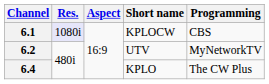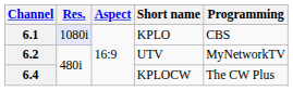 <table class="wikitable">
 <tr>
 <th scope = "col"><a href='#'>Channel</a></th>
 <th scope = "col"><a href='#'>Res.</a></th>
 <th scope = "col"><a href='#'>Aspect</a></th>
 <th scope = "col">Short name</th>
 <th scope = "col">Programming</th>
 </tr>
 <tr>
 <th scope = "row">6.1</th>
 <td style="background: lavender;">1080i</td>
 <td rowspan=3>16:9</td>
-<td>KPLOCW</td>
+<td>KPLO</td>
 <td>CBS</td>
 </tr>
 <tr>
 <th scope = "row">6.2</th>
 <td rowspan=2>480i</td>
 <td>UTV</td>
 <td>MyNetworkTV</td>
 </tr>
 <tr>
 <th scope = "row">6.4</th>
-<td>KPLO</td>
+<td>KPLOCW</td>
 <td>The CW Plus</td>
 </tr>
 </table>
